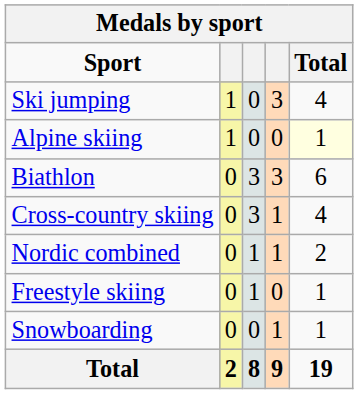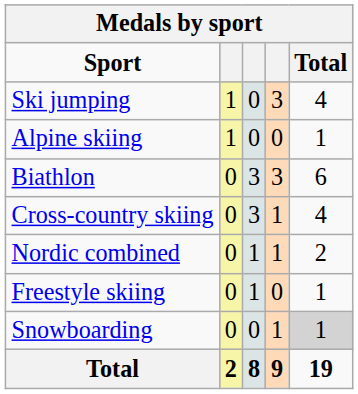 <table class="wikitable" border="1"  style="float:right">
 <tr>
 <th colspan=5><strong>Medals by sport</strong></th>
 </tr>
 <tr align=center>
 <td><strong>Sport</strong></td>
 <th bgcolor=#f7f6a8></th>
 <th bgcolor=#dce5e5></th>
 <th bgcolor=#ffdab9></th>
 <th><strong>Total</strong></th>
 </tr>
 <tr align=center>
 <td align=left><a href='#'>Ski jumping</a></td>
 <td bgcolor=#f7f6a8>1</td>
 <td bgcolor=#dce5e5>0</td>
 <td bgcolor=#ffdab9>3</td>
 <td>4</td>
 </tr>
 <tr align=center>
 <td align=left><a href='#'>Alpine skiing</a></td>
 <td bgcolor=#f7f6a8>1</td>
 <td bgcolor=#dce5e5>0</td>
 <td bgcolor=#ffdab9>0</td>
-<td style="background: lightyellow;">1</td>
+<td>1</td>
 </tr>
 <tr align=center>
 <td align=left><a href='#'>Biathlon</a></td>
 <td bgcolor=#f7f6a8>0</td>
 <td bgcolor=#dce5e5>3</td>
 <td bgcolor=#ffdab9>3</td>
 <td>6</td>
 </tr>
 <tr align=center>
 <td align=left><a href='#'>Cross-country skiing</a></td>
 <td bgcolor=#f7f6a8>0</td>
 <td bgcolor=#dce5e5>3</td>
 <td bgcolor=#ffdab9>1</td>
 <td>4</td>
 </tr>
 <tr align=center>
 <td align=left><a href='#'>Nordic combined</a></td>
 <td bgcolor=#f7f6a8>0</td>
 <td bgcolor=#dce5e5>1</td>
 <td bgcolor=#ffdab9>1</td>
 <td>2</td>
 </tr>
 <tr align=center>
 <td align=left><a href='#'>Freestyle skiing</a></td>
 <td bgcolor=#f7f6a8>0</td>
 <td bgcolor=#dce5e5>1</td>
 <td bgcolor=#ffdab9>0</td>
 <td>1</td>
 </tr>
 <tr align=center>
 <td align=left><a href='#'>Snowboarding</a></td>
 <td bgcolor=#f7f6a8>0</td>
 <td bgcolor=#dce5e5>0</td>
 <td bgcolor=#ffdab9>1</td>
-<td>1</td>
+<td style="background: lightgrey;">1</td>
 </tr>
 <tr align=center>
 <th bgcolor=#efefef align="left"><strong>Total</strong></th>
 <td bgcolor=#f7f6a8><strong>2</strong></td>
 <td bgcolor=#dce5e5><strong>8</strong></td>
 <td bgcolor=#ffdab9><strong>9</strong></td>
 <td><strong>19</strong></td>
 </tr>
 </table>
